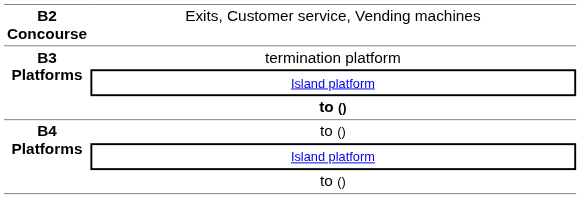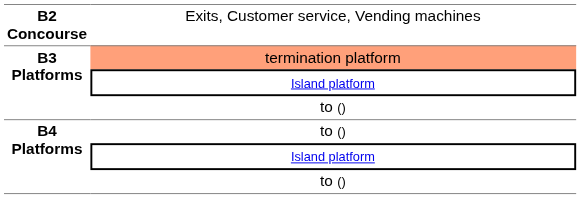 <table table border=0 cellspacing=0 cellpadding=3>
 <tr>
 <td style="border-bottom:solid 0px gray; border-top:solid 1px gray;text-align:center" valign=top><strong>B2<br>Concourse</strong></td>
 <td style="border-bottom:solid 0px gray; border-top:solid 1px gray;text-align:center;" valign=top width=500>Exits, Customer service, Vending machines</td>
 </tr>
 <tr>
 <td style="border-bottom:solid 0px gray; border-top:solid 1px gray;text-align:center" rowspan="3" valign=top><strong>B3<br>Platforms</strong></td>
-<td style="border-bottom:solid 0px gray; border-top:solid 1px gray;text-align:center;">  termination platform</td>
+<td style="background: lightsalmon; border-bottom:solid 0px gray; border-top:solid 1px gray;text-align:center;">  termination platform</td>
 </tr>
 <tr>
 <td style="border-right:solid 2px black;border-left:solid 2px black;border-top:solid 2px black;border-bottom:solid 2px black;text-align:center;" colspan=2><small><a href='#'>Island platform</a></small></td>
 </tr>
 <tr>
-<td style="border-bottom:solid 0px gray;text-align:center;"><strong> to  <small>()</small> </strong></td>
+<td style="border-bottom:solid 0px gray;text-align:center;"> to  <small>()</small> </td>
 </tr>
 <tr>
 <td style="border-bottom:solid 1px gray; border-top:solid 1px gray;text-align:center" rowspan="3" valign=top><strong>B4<br>Platforms</strong></td>
 <td style="border-bottom:solid 0px gray; border-top:solid 1px gray;text-align:center;">  to  <small>()</small></td>
 </tr>
 <tr>
 <td style="border-right:solid 2px black;border-left:solid 2px black;border-top:solid 2px black;border-bottom:solid 2px black;text-align:center;" colspan=2><small><a href='#'>Island platform</a></small></td>
 </tr>
 <tr>
 <td style="border-bottom:solid 1px gray;text-align:center;"> to  <small>()</small> </td>
 </tr>
 </table>
